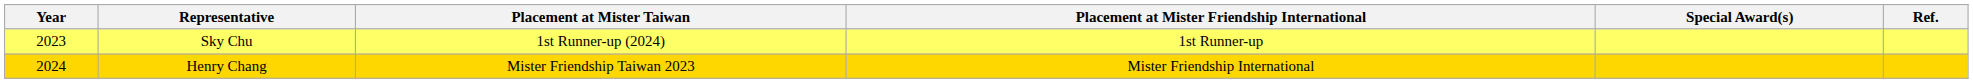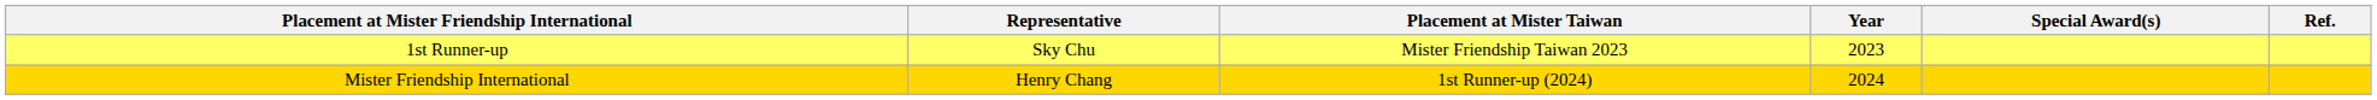 <table class="wikitable sortable" style="font-size: 85%;text-align:center" width="90%">
 <tr>
-<th>Year</th>
+<th>Placement at Mister Friendship International</th>
 <th>Representative</th>
 <th>Placement at Mister Taiwan</th>
-<th>Placement at Mister Friendship International</th>
+<th>Year</th>
 <th>Special Award(s)</th>
 <th>Ref.</th>
 </tr>
 <tr bgcolor=#FFFF66>
+<td>1st Runner-up</td>
+<td>Sky Chu</td>
+<td nowrap>Mister Friendship Taiwan 2023</td>
 <td>2023</td>
-<td>Sky Chu</td>
-<td>1st Runner-up (2024)</td>
-<td>1st Runner-up</td>
 <td style="background:;"></td>
 <td></td>
 </tr>
 <tr style="background-color:gold;">
+<td nowrap>Mister Friendship International</td>
+<td>Henry Chang</td>
+<td>1st Runner-up (2024)</td>
 <td>2024</td>
-<td>Henry Chang</td>
-<td nowrap>Mister Friendship Taiwan 2023</td>
-<td nowrap>Mister Friendship International</td>
 <td></td>
 <td></td>
 </tr>
 </table>
